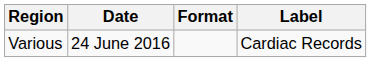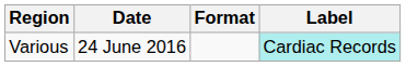 <table class=wikitable>
 <tr>
 <th>Region</th>
 <th>Date</th>
 <th>Format</th>
 <th>Label</th>
 </tr>
 <tr>
 <td>Various</td>
 <td>24 June 2016</td>
 <td></td>
-<td>Cardiac Records</td>
+<td style="background: paleturquoise;">Cardiac Records</td>
 </tr>
 <tr>
 </tr>
 </table>
